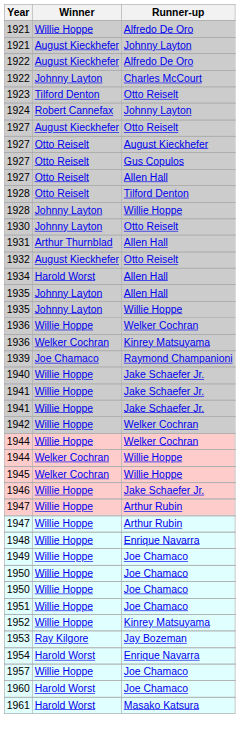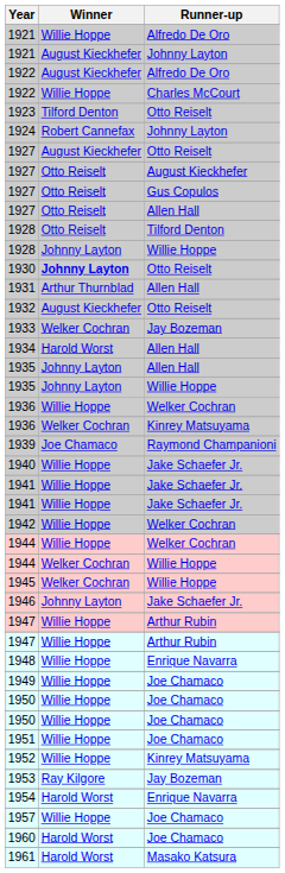 <table class="wikitable sortable" style="font-size:100%; text-align: left;">
 <tr>
 <th>Year</th>
 <th>Winner</th>
 <th>Runner-up</th>
 </tr>
 <tr>
 </tr>
 <tr style="background:#CCCCCC;">
 <td>1921</td>
 <td> <a href='#'>Willie Hoppe</a></td>
 <td> <a href='#'>Alfredo De Oro</a></td>
 </tr>
 <tr>
 </tr>
 <tr style="background:#CCCCCC;">
 <td>1921</td>
 <td> <a href='#'>August Kieckhefer</a></td>
 <td> <a href='#'>Johnny Layton</a></td>
 </tr>
 <tr>
 </tr>
 <tr style="background:#CCCCCC;">
 <td>1922</td>
 <td> <a href='#'>August Kieckhefer</a></td>
 <td> <a href='#'>Alfredo De Oro</a></td>
 </tr>
 <tr>
 </tr>
 <tr style="background:#CCCCCC;">
 <td>1922</td>
-<td> <a href='#'>Johnny Layton</a></td>
+<td> <a href='#'>Willie Hoppe</a></td>
 <td> <a href='#'>Charles McCourt</a></td>
 </tr>
 <tr>
 </tr>
 <tr style="background:#CCCCCC;">
 <td>1923</td>
 <td> <a href='#'>Tilford Denton</a></td>
 <td> <a href='#'>Otto Reiselt</a></td>
 </tr>
 <tr>
 </tr>
 <tr style="background:#CCCCCC;">
 <td>1924</td>
 <td> <a href='#'>Robert Cannefax</a></td>
 <td> <a href='#'>Johnny Layton</a></td>
 </tr>
 <tr>
 </tr>
 <tr style="background:#CCCCCC;">
 <td>1927</td>
 <td> <a href='#'>August Kieckhefer</a></td>
 <td> <a href='#'>Otto Reiselt</a></td>
 </tr>
 <tr>
 </tr>
 <tr style="background:#CCCCCC;">
 <td>1927</td>
 <td> <a href='#'>Otto Reiselt</a></td>
 <td> <a href='#'>August Kieckhefer</a></td>
 </tr>
 <tr>
 </tr>
 <tr style="background:#CCCCCC;">
 <td>1927</td>
 <td> <a href='#'>Otto Reiselt</a></td>
 <td> <a href='#'>Gus Copulos</a></td>
 </tr>
 <tr>
 </tr>
 <tr style="background:#CCCCCC;">
 <td>1927</td>
 <td> <a href='#'>Otto Reiselt</a></td>
 <td> <a href='#'>Allen Hall</a></td>
 </tr>
 <tr>
 </tr>
 <tr style="background:#CCCCCC;">
 <td>1928</td>
 <td> <a href='#'>Otto Reiselt</a></td>
 <td> <a href='#'>Tilford Denton</a></td>
 </tr>
 <tr>
 </tr>
 <tr style="background:#CCCCCC;">
 <td>1928</td>
 <td> <a href='#'>Johnny Layton</a></td>
 <td> <a href='#'>Willie Hoppe</a></td>
 </tr>
 <tr>
 </tr>
 <tr style="background:#CCCCCC;">
 <td>1930</td>
-<td> <a href='#'>Johnny Layton</a></td>
+<td><strong> <a href='#'>Johnny Layton</a></strong></td>
 <td> <a href='#'>Otto Reiselt</a></td>
 </tr>
 <tr>
 </tr>
 <tr style="background:#CCCCCC;">
 <td>1931</td>
 <td> <a href='#'>Arthur Thurnblad</a></td>
 <td> <a href='#'>Allen Hall</a></td>
 </tr>
 <tr>
 </tr>
 <tr style="background:#CCCCCC;">
 <td>1932</td>
 <td> <a href='#'>August Kieckhefer</a></td>
 <td> <a href='#'>Otto Reiselt</a></td>
 </tr>
 <tr>
+</tr>
+<tr style="background:#CCCCCC;">
+<td>1933</td>
+<td> <a href='#'>Welker Cochran</a></td>
+<td> <a href='#'>Jay Bozeman</a></td>
 </tr>
 <tr>
 </tr>
 <tr style="background:#CCCCCC;">
 <td>1934</td>
 <td> <a href='#'>Harold Worst</a></td>
 <td> <a href='#'>Allen Hall</a></td>
 </tr>
 <tr>
 </tr>
 <tr style="background:#CCCCCC;">
 <td>1935</td>
 <td> <a href='#'>Johnny Layton</a></td>
 <td> <a href='#'>Allen Hall</a></td>
 </tr>
 <tr>
 </tr>
 <tr style="background:#CCCCCC;">
 <td>1935</td>
 <td> <a href='#'>Johnny Layton</a></td>
 <td> <a href='#'>Willie Hoppe</a></td>
 </tr>
 <tr style="background:#CCCCCC;">
 <td>1936</td>
 <td> <a href='#'>Willie Hoppe</a></td>
 <td> <a href='#'>Welker Cochran</a></td>
 </tr>
 <tr>
 </tr>
 <tr style="background:#CCCCCC;">
 <td>1936</td>
 <td> <a href='#'>Welker Cochran</a></td>
 <td> <a href='#'>Kinrey Matsuyama</a></td>
 </tr>
 <tr>
 </tr>
 <tr style="background:#CCCCCC;">
 <td>1939</td>
 <td> <a href='#'>Joe Chamaco</a></td>
 <td> <a href='#'>Raymond Champanioni</a></td>
 </tr>
 <tr>
 </tr>
 <tr style="background:#CCCCCC;">
 <td>1940</td>
 <td> <a href='#'>Willie Hoppe</a></td>
 <td> <a href='#'>Jake Schaefer Jr.</a></td>
 </tr>
 <tr>
 </tr>
 <tr style="background:#CCCCCC;">
 <td>1941</td>
 <td> <a href='#'>Willie Hoppe</a></td>
 <td> <a href='#'>Jake Schaefer Jr.</a></td>
 </tr>
 <tr>
 </tr>
 <tr style="background:#CCCCCC;">
 <td>1941</td>
 <td> <a href='#'>Willie Hoppe</a></td>
 <td> <a href='#'>Jake Schaefer Jr.</a></td>
 </tr>
 <tr>
 </tr>
 <tr style="background:#CCCCCC;">
 <td>1942</td>
 <td> <a href='#'>Willie Hoppe</a></td>
 <td> <a href='#'>Welker Cochran</a></td>
 </tr>
 <tr>
 </tr>
 <tr style="background:#FFCCCC;">
 <td>1944</td>
 <td> <a href='#'>Willie Hoppe</a></td>
 <td> <a href='#'>Welker Cochran</a></td>
 </tr>
 <tr>
 </tr>
 <tr style="background:#FFCCCC;">
 <td>1944</td>
 <td> <a href='#'>Welker Cochran</a></td>
 <td> <a href='#'>Willie Hoppe</a></td>
 </tr>
 <tr>
 </tr>
 <tr style="background:#FFCCCC;">
 <td>1945</td>
 <td> <a href='#'>Welker Cochran</a></td>
 <td> <a href='#'>Willie Hoppe</a></td>
 </tr>
 <tr>
 </tr>
 <tr style="background:#FFCCCC;">
 <td>1946</td>
-<td> <a href='#'>Willie Hoppe</a></td>
+<td> <a href='#'>Johnny Layton</a></td>
 <td> <a href='#'>Jake Schaefer Jr.</a></td>
 </tr>
 <tr>
 </tr>
 <tr style="background:#FFCCCC;">
 <td>1947</td>
 <td> <a href='#'>Willie Hoppe</a></td>
 <td> <a href='#'>Arthur Rubin</a></td>
 </tr>
 <tr>
 </tr>
 <tr style="background:#E0FFFF;">
 <td>1947</td>
 <td> <a href='#'>Willie Hoppe</a></td>
 <td> <a href='#'>Arthur Rubin</a></td>
 </tr>
 <tr>
 </tr>
 <tr style="background:#E0FFFF;">
 <td>1948</td>
 <td> <a href='#'>Willie Hoppe</a></td>
 <td> <a href='#'>Enrique Navarra</a></td>
 </tr>
 <tr>
 </tr>
 <tr style="background:#E0FFFF;">
 <td>1949</td>
 <td> <a href='#'>Willie Hoppe</a></td>
 <td> <a href='#'>Joe Chamaco</a></td>
 </tr>
 <tr>
 </tr>
 <tr style="background:#E0FFFF;">
 <td>1950</td>
 <td> <a href='#'>Willie Hoppe</a></td>
 <td> <a href='#'>Joe Chamaco</a></td>
 </tr>
 <tr>
 </tr>
 <tr style="background:#E0FFFF;">
 <td>1950</td>
 <td> <a href='#'>Willie Hoppe</a></td>
 <td> <a href='#'>Joe Chamaco</a></td>
 </tr>
 <tr>
 </tr>
 <tr style="background:#E0FFFF;">
 <td>1951</td>
 <td> <a href='#'>Willie Hoppe</a></td>
 <td> <a href='#'>Joe Chamaco</a></td>
 </tr>
 <tr>
 </tr>
 <tr style="background:#E0FFFF;">
 <td>1952</td>
 <td> <a href='#'>Willie Hoppe</a></td>
 <td> <a href='#'>Kinrey Matsuyama</a></td>
 </tr>
 <tr>
 </tr>
 <tr style="background:#E0FFFF;">
 <td>1953</td>
 <td> <a href='#'>Ray Kilgore</a></td>
 <td> <a href='#'>Jay Bozeman</a></td>
 </tr>
 <tr>
 </tr>
 <tr style="background:#E0FFFF;">
 <td>1954</td>
 <td> <a href='#'>Harold Worst</a></td>
 <td> <a href='#'>Enrique Navarra</a></td>
 </tr>
 <tr>
 </tr>
 <tr style="background:#E0FFFF;">
 <td>1957</td>
 <td> <a href='#'>Willie Hoppe</a></td>
 <td> <a href='#'>Joe Chamaco</a></td>
 </tr>
 <tr>
 </tr>
 <tr style="background:#E0FFFF;">
 <td>1960</td>
 <td> <a href='#'>Harold Worst</a></td>
 <td> <a href='#'>Joe Chamaco</a></td>
 </tr>
 <tr>
 </tr>
 <tr style="background:#E0FFFF;">
 <td>1961</td>
 <td> <a href='#'>Harold Worst</a></td>
 <td> <a href='#'>Masako Katsura</a></td>
 </tr>
 </table>
